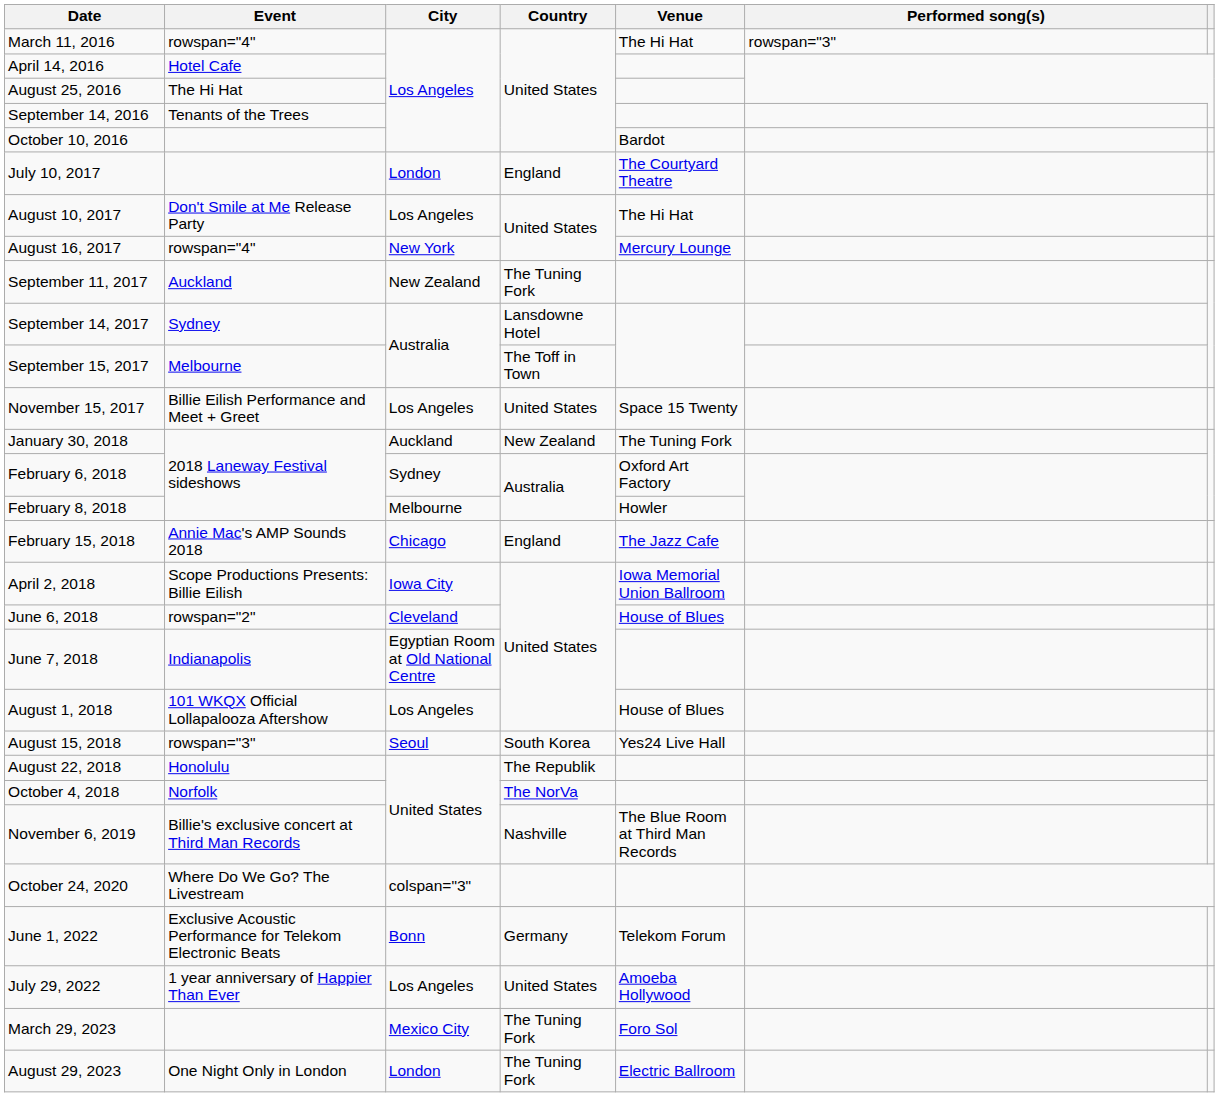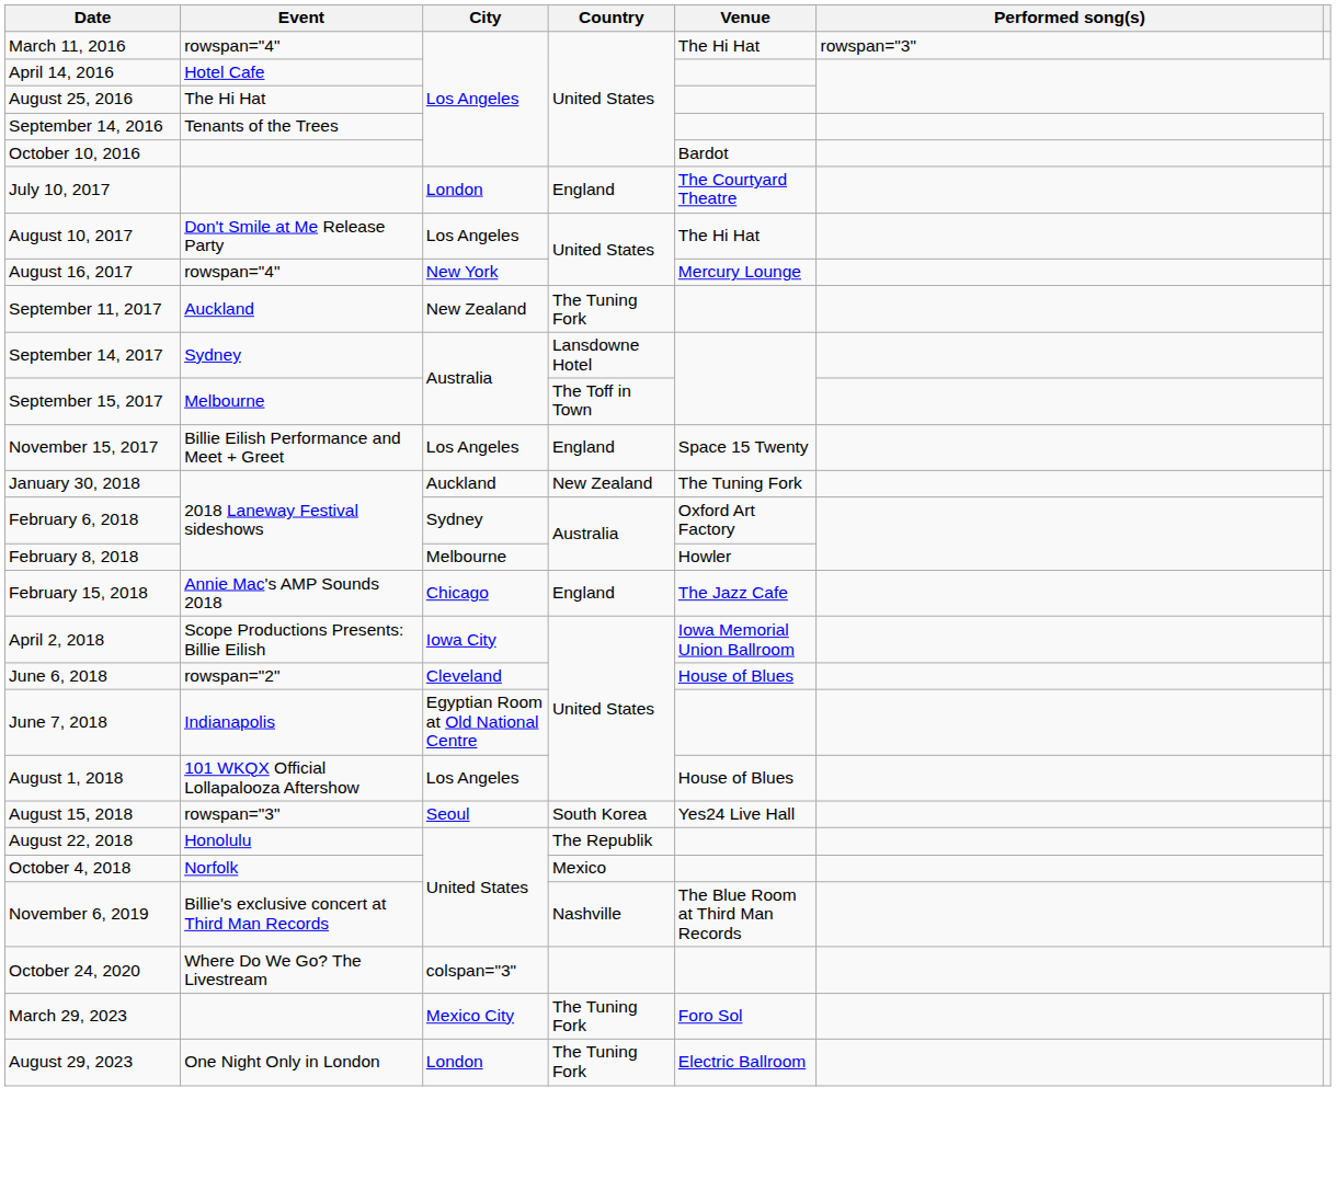 <table class="wikitable sortable plainrowheaders">
 <tr>
 <th scope="col" style="width:10em;">Date</th>
 <th scope="col" style="width:14em;">Event</th>
 <th scope="col" style="width:7em;">City</th>
 <th scope="col" style="width:7em;">Country</th>
 <th scope="col" style="width:8em;">Venue</th>
 <th scope="col" style="width:30em;">Performed song(s)</th>
 <th scope="col" class="unsortable"></th>
 </tr>
 <tr>
 <td>March 11, 2016</td>
 <td>rowspan="4" </td>
 <td rowspan="5"><a href='#'>Los Angeles</a></td>
 <td rowspan="5">United States</td>
 <td>The Hi Hat</td>
 <td>rowspan="3" </td>
 <td></td>
 </tr>
 <tr>
 <td>April 14, 2016</td>
 <td><a href='#'>Hotel Cafe</a></td>
 <td></td>
 </tr>
 <tr>
 <td>August 25, 2016</td>
 <td>The Hi Hat</td>
 <td></td>
 </tr>
 <tr>
 <td>September 14, 2016</td>
 <td>Tenants of the Trees</td>
 <td></td>
 <td></td>
 </tr>
 <tr>
 <td>October 10, 2016</td>
 <td></td>
 <td>Bardot</td>
 <td></td>
 <td></td>
 </tr>
 <tr>
 <td>July 10, 2017</td>
 <td></td>
 <td><a href='#'>London</a></td>
 <td>England</td>
 <td><a href='#'>The Courtyard Theatre</a></td>
 <td></td>
 <td></td>
 </tr>
 <tr>
 <td>August 10, 2017</td>
 <td><a href='#'>Don't Smile at Me</a> Release Party</td>
 <td>Los Angeles</td>
 <td rowspan="2">United States</td>
 <td>The Hi Hat</td>
 <td></td>
 <td></td>
 </tr>
 <tr>
 <td>August 16, 2017</td>
 <td>rowspan="4" </td>
 <td><a href='#'>New York</a></td>
 <td><a href='#'>Mercury Lounge</a></td>
 <td></td>
 <td></td>
 </tr>
 <tr>
 <td>September 11, 2017</td>
 <td><a href='#'>Auckland</a></td>
 <td>New Zealand</td>
 <td>The Tuning Fork</td>
 <td></td>
 <td></td>
 </tr>
 <tr>
 <td>September 14, 2017</td>
 <td><a href='#'>Sydney</a></td>
 <td rowspan="2">Australia</td>
 <td>Lansdowne Hotel</td>
 <td rowspan="2"></td>
 <td></td>
 </tr>
 <tr>
 <td>September 15, 2017</td>
 <td><a href='#'>Melbourne</a></td>
 <td>The Toff in Town</td>
 <td></td>
 </tr>
 <tr>
 <td>November 15, 2017</td>
 <td>Billie Eilish Performance and Meet + Greet</td>
 <td>Los Angeles</td>
-<td>United States</td>
+<td>England</td>
 <td>Space 15 Twenty</td>
 <td></td>
 <td></td>
 </tr>
 <tr>
 <td>January 30, 2018</td>
 <td rowspan="3">2018 <a href='#'>Laneway Festival</a> sideshows</td>
 <td>Auckland</td>
 <td>New Zealand</td>
 <td>The Tuning Fork</td>
 <td></td>
 <td rowspan="3"></td>
 </tr>
 <tr>
 <td>February 6, 2018</td>
 <td>Sydney</td>
 <td rowspan="2">Australia</td>
 <td>Oxford Art Factory</td>
 <td rowspan="2"></td>
 </tr>
 <tr>
 <td>February 8, 2018</td>
 <td>Melbourne</td>
 <td>Howler</td>
 </tr>
 <tr>
 <td>February 15, 2018</td>
 <td><a href='#'>Annie Mac</a>'s AMP Sounds 2018</td>
 <td><a href='#'>Chicago</a></td>
 <td>England</td>
 <td><a href='#'>The Jazz Cafe</a></td>
 <td></td>
 <td></td>
 </tr>
 <tr>
 <td>April 2, 2018</td>
 <td>Scope Productions Presents: Billie Eilish</td>
 <td><a href='#'>Iowa City</a></td>
 <td rowspan="4">United States</td>
 <td><a href='#'>Iowa Memorial Union Ballroom</a></td>
 <td></td>
 <td></td>
 </tr>
 <tr>
 <td>June 6, 2018</td>
 <td>rowspan="2" </td>
 <td><a href='#'>Cleveland</a></td>
 <td><a href='#'>House of Blues</a></td>
 <td></td>
 <td></td>
 </tr>
 <tr>
 <td>June 7, 2018</td>
 <td><a href='#'>Indianapolis</a></td>
 <td>Egyptian Room at <a href='#'>Old National Centre</a></td>
 <td></td>
 <td></td>
 </tr>
 <tr>
 <td>August 1, 2018</td>
 <td><a href='#'>101 WKQX</a> Official Lollapalooza Aftershow</td>
 <td>Los Angeles</td>
 <td>House of Blues</td>
 <td></td>
 <td></td>
 </tr>
 <tr>
 <td>August 15, 2018</td>
 <td>rowspan="3" </td>
 <td><a href='#'>Seoul</a></td>
 <td>South Korea</td>
 <td>Yes24 Live Hall</td>
 <td></td>
 <td></td>
 </tr>
 <tr>
 <td>August 22, 2018</td>
 <td><a href='#'>Honolulu</a></td>
 <td rowspan="3">United States</td>
 <td>The Republik</td>
 <td></td>
 <td></td>
 </tr>
 <tr>
 <td>October 4, 2018</td>
 <td><a href='#'>Norfolk</a></td>
-<td><a href='#'>The NorVa</a></td>
+<td>Mexico</td>
 <td></td>
 <td></td>
 </tr>
 <tr>
 <td>November 6, 2019</td>
 <td>Billie's exclusive concert at <a href='#'>Third Man Records</a></td>
 <td>Nashville</td>
 <td>The Blue Room at Third Man Records</td>
 <td></td>
 <td></td>
 </tr>
 <tr>
 <td>October 24, 2020</td>
 <td>Where Do We Go? The Livestream</td>
 <td>colspan="3" </td>
-<td></td>
-<td></td>
-</tr>
-<tr>
-<td>June 1, 2022</td>
-<td>Exclusive Acoustic Performance for Telekom Electronic Beats</td>
-<td><a href='#'>Bonn</a></td>
-<td>Germany</td>
-<td>Telekom Forum</td>
-<td></td>
-<td></td>
-</tr>
-<tr>
-<td>July 29, 2022</td>
-<td>1 year anniversary of <a href='#'>Happier Than Ever</a></td>
-<td>Los Angeles</td>
-<td>United States</td>
-<td><a href='#'>Amoeba Hollywood</a></td>
 <td></td>
 <td></td>
 </tr>
 <tr>
 <td>March 29, 2023</td>
 <td></td>
 <td><a href='#'>Mexico City</a></td>
 <td>The Tuning Fork</td>
 <td><a href='#'>Foro Sol</a></td>
 <td></td>
 <td></td>
 </tr>
 <tr>
 <td>August 29, 2023</td>
 <td>One Night Only in London</td>
 <td><a href='#'>London</a></td>
 <td>The Tuning Fork</td>
 <td><a href='#'>Electric Ballroom</a></td>
 <td></td>
 <td></td>
 </tr>
 </table>
